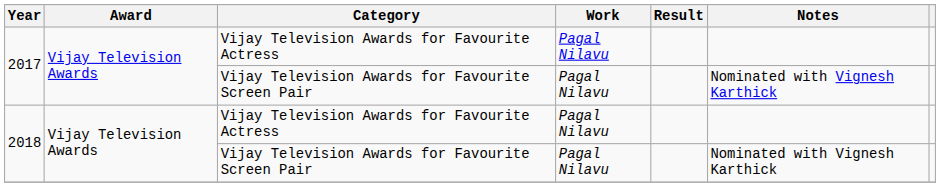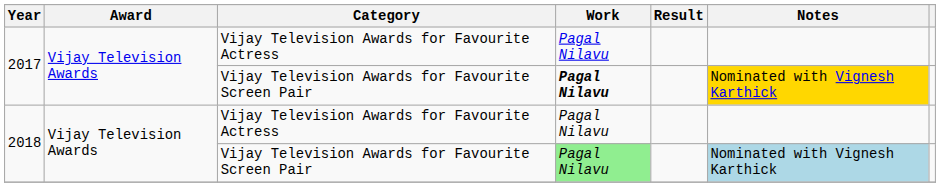 <table class="wikitable sortable">
 <tr style="text-align:center;">
 </tr>
 <tr>
 <th>Year</th>
 <th>Award</th>
 <th>Category</th>
 <th>Work</th>
 <th>Result</th>
 <th>Notes</th>
 <th scope="col" class="unsortable"></th>
 </tr>
 <tr>
 <td rowspan="2">2017</td>
 <td rowspan="2"><a href='#'>Vijay Television Awards</a></td>
 <td>Vijay Television Awards for Favourite Actress</td>
 <td><em><a href='#'>Pagal Nilavu</a></em></td>
 <td></td>
 <td></td>
 <td></td>
 </tr>
 <tr>
 <td>Vijay Television Awards for Favourite Screen Pair</td>
-<td><em>Pagal Nilavu</em></td>
+<td><strong><em>Pagal Nilavu</em></strong></td>
 <td></td>
-<td>Nominated with <a href='#'>Vignesh Karthick</a></td>
+<td style="background: gold;">Nominated with <a href='#'>Vignesh Karthick</a></td>
 <td style="text-align:center;"></td>
 </tr>
 <tr>
 <td rowspan="2">2018</td>
 <td rowspan="2">Vijay Television Awards</td>
 <td>Vijay Television Awards for Favourite Actress</td>
 <td><em>Pagal Nilavu</em></td>
 <td></td>
 <td></td>
 <td></td>
 </tr>
 <tr>
 <td>Vijay Television Awards for Favourite Screen Pair</td>
-<td><em>Pagal Nilavu</em></td>
+<td style="background: lightgreen;"><em>Pagal Nilavu</em></td>
 <td></td>
-<td>Nominated with Vignesh Karthick</td>
+<td style="background: lightblue;">Nominated with Vignesh Karthick</td>
 <td></td>
 </tr>
 <tr>
 </tr>
 </table>
